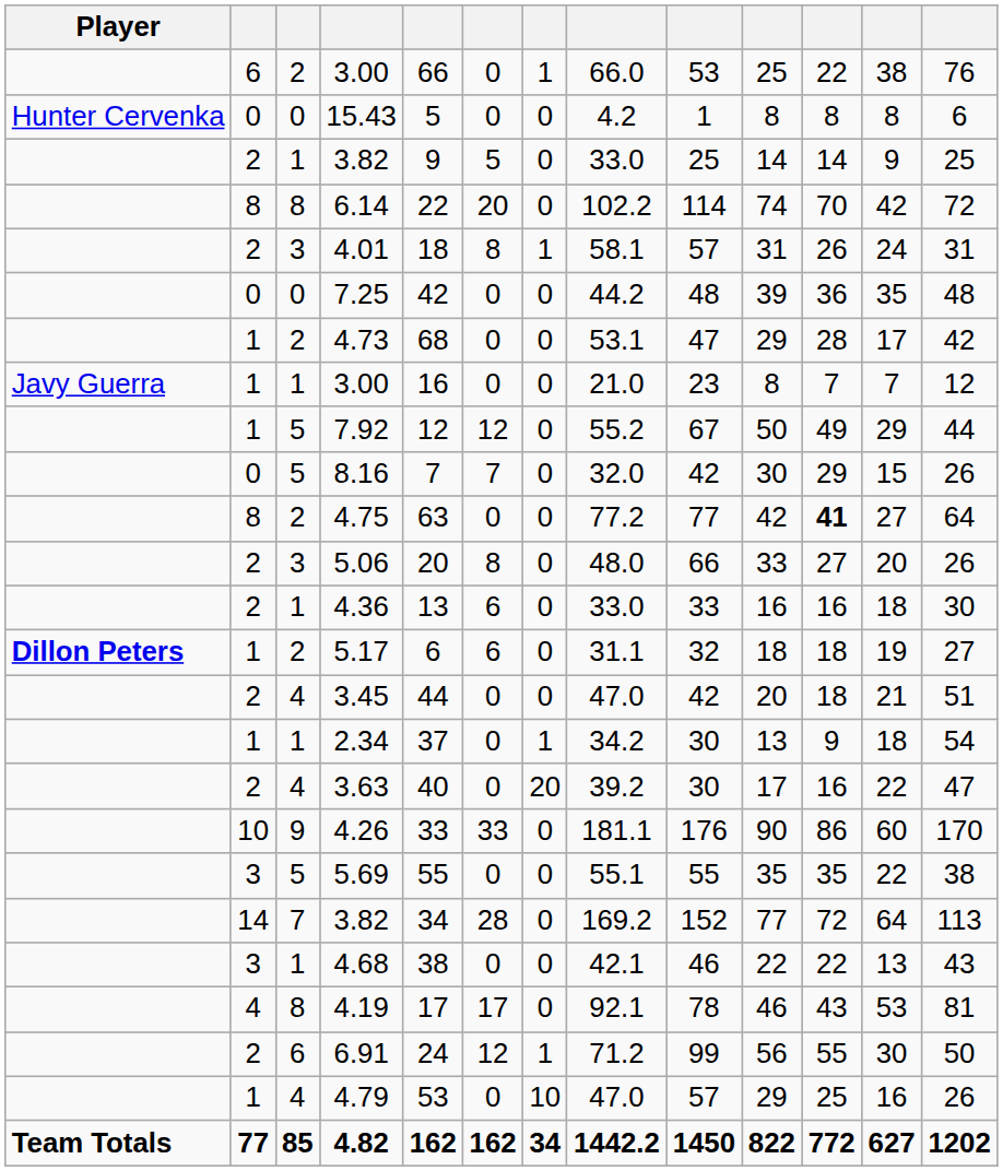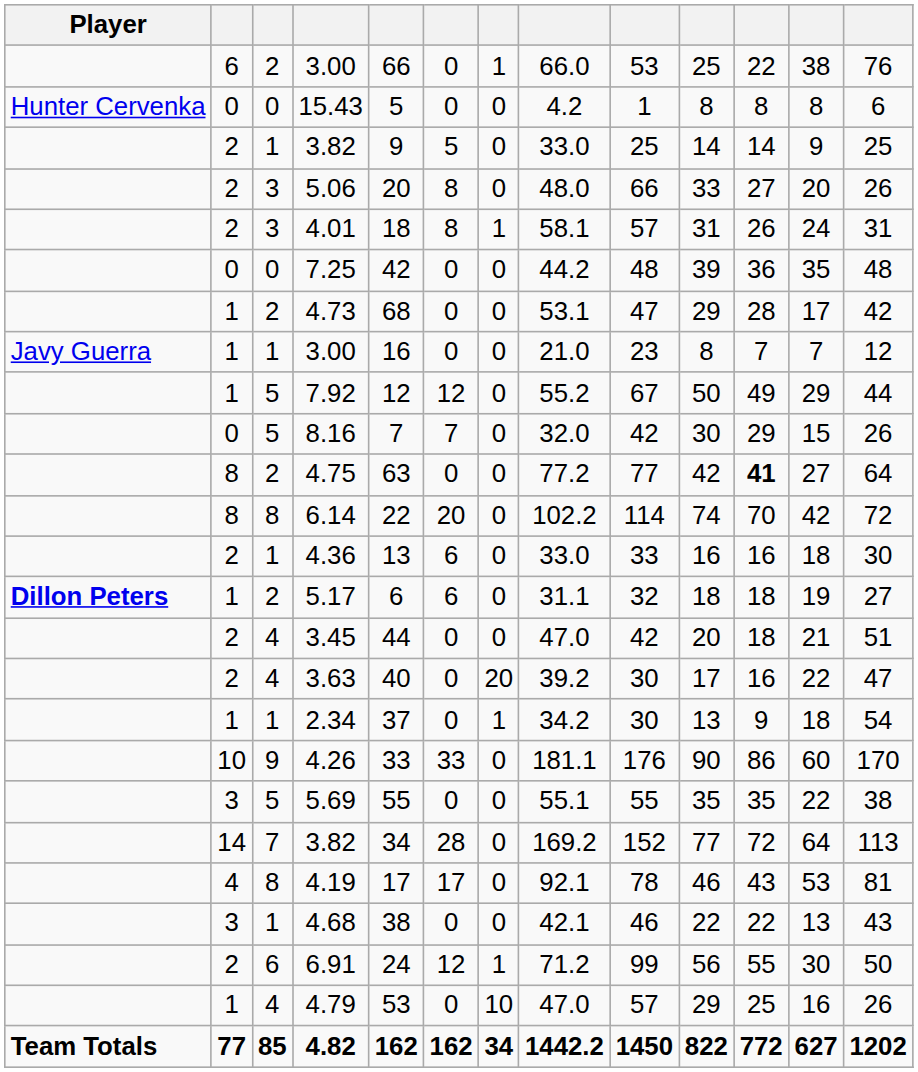 <table class="wikitable sortable" style="text-align:center;">
 <tr>
 <th>Player</th>
 <th></th>
 <th></th>
 <th></th>
 <th></th>
 <th></th>
 <th></th>
 <th></th>
 <th></th>
 <th></th>
 <th></th>
 <th></th>
 <th></th>
 </tr>
 <tr>
 <td align=left><strong></strong></td>
 <td>6</td>
 <td>2</td>
 <td>3.00</td>
 <td>66</td>
 <td>0</td>
 <td>1</td>
 <td>66.0</td>
 <td>53</td>
 <td>25</td>
 <td>22</td>
 <td>38</td>
 <td>76</td>
 </tr>
 <tr>
 <td align=left><a href='#'>Hunter Cervenka</a></td>
 <td>0</td>
 <td>0</td>
 <td>15.43</td>
 <td>5</td>
 <td>0</td>
 <td>0</td>
 <td>4.2</td>
 <td>1</td>
 <td>8</td>
 <td>8</td>
 <td>8</td>
 <td>6</td>
 </tr>
 <tr>
 <td align=left></td>
 <td>2</td>
 <td>1</td>
 <td>3.82</td>
 <td>9</td>
 <td>5</td>
 <td>0</td>
 <td>33.0</td>
 <td>25</td>
 <td>14</td>
 <td>14</td>
 <td>9</td>
 <td>25</td>
 </tr>
 <tr>
 <td align=left></td>
+<td>2</td>
+<td>3</td>
+<td>5.06</td>
+<td>20</td>
 <td>8</td>
-<td>8</td>
-<td>6.14</td>
-<td>22</td>
+<td>0</td>
+<td>48.0</td>
+<td>66</td>
+<td>33</td>
+<td>27</td>
 <td>20</td>
-<td>0</td>
-<td>102.2</td>
-<td>114</td>
-<td>74</td>
-<td>70</td>
-<td>42</td>
-<td>72</td>
+<td>26</td>
 </tr>
 <tr>
 <td align=left></td>
 <td>2</td>
 <td>3</td>
 <td>4.01</td>
 <td>18</td>
 <td>8</td>
 <td>1</td>
 <td>58.1</td>
 <td>57</td>
 <td>31</td>
 <td>26</td>
 <td>24</td>
 <td>31</td>
 </tr>
 <tr>
 <td align=left></td>
 <td>0</td>
 <td>0</td>
 <td>7.25</td>
 <td>42</td>
 <td>0</td>
 <td>0</td>
 <td>44.2</td>
 <td>48</td>
 <td>39</td>
 <td>36</td>
 <td>35</td>
 <td>48</td>
 </tr>
 <tr>
 <td align=left><strong></strong></td>
 <td>1</td>
 <td>2</td>
 <td>4.73</td>
 <td>68</td>
 <td>0</td>
 <td>0</td>
 <td>53.1</td>
 <td>47</td>
 <td>29</td>
 <td>28</td>
 <td>17</td>
 <td>42</td>
 </tr>
 <tr>
 <td align=left><a href='#'>Javy Guerra</a></td>
 <td>1</td>
 <td>1</td>
 <td>3.00</td>
 <td>16</td>
 <td>0</td>
 <td>0</td>
 <td>21.0</td>
 <td>23</td>
 <td>8</td>
 <td>7</td>
 <td>7</td>
 <td>12</td>
 </tr>
 <tr>
 <td align=left></td>
 <td>1</td>
 <td>5</td>
 <td>7.92</td>
 <td>12</td>
 <td>12</td>
 <td>0</td>
 <td>55.2</td>
 <td>67</td>
 <td>50</td>
 <td>49</td>
 <td>29</td>
 <td>44</td>
 </tr>
 <tr>
 <td align=left></td>
 <td>0</td>
 <td>5</td>
 <td>8.16</td>
 <td>7</td>
 <td>7</td>
 <td>0</td>
 <td>32.0</td>
 <td>42</td>
 <td>30</td>
 <td>29</td>
 <td>15</td>
 <td>26</td>
 </tr>
 <tr>
 <td align=left></td>
 <td>8</td>
 <td>2</td>
 <td>4.75</td>
 <td>63</td>
 <td>0</td>
 <td>0</td>
 <td>77.2</td>
 <td>77</td>
 <td>42</td>
 <td><strong>41</strong></td>
 <td>27</td>
 <td>64</td>
 </tr>
 <tr>
 <td align=left></td>
-<td>2</td>
-<td>3</td>
-<td>5.06</td>
+<td>8</td>
+<td>8</td>
+<td>6.14</td>
+<td>22</td>
 <td>20</td>
-<td>8</td>
 <td>0</td>
-<td>48.0</td>
-<td>66</td>
-<td>33</td>
-<td>27</td>
-<td>20</td>
-<td>26</td>
+<td>102.2</td>
+<td>114</td>
+<td>74</td>
+<td>70</td>
+<td>42</td>
+<td>72</td>
 </tr>
 <tr>
 <td align=left></td>
 <td>2</td>
 <td>1</td>
 <td>4.36</td>
 <td>13</td>
 <td>6</td>
 <td>0</td>
 <td>33.0</td>
 <td>33</td>
 <td>16</td>
 <td>16</td>
 <td>18</td>
 <td>30</td>
 </tr>
 <tr>
 <td align=left><strong><a href='#'>Dillon Peters</a></strong></td>
 <td>1</td>
 <td>2</td>
 <td>5.17</td>
 <td>6</td>
 <td>6</td>
 <td>0</td>
 <td>31.1</td>
 <td>32</td>
 <td>18</td>
 <td>18</td>
 <td>19</td>
 <td>27</td>
 </tr>
 <tr>
 <td align=left><strong></strong></td>
 <td>2</td>
 <td>4</td>
 <td>3.45</td>
 <td>44</td>
 <td>0</td>
 <td>0</td>
 <td>47.0</td>
 <td>42</td>
 <td>20</td>
 <td>18</td>
 <td>21</td>
 <td>51</td>
 </tr>
 <tr>
+<td align=left></td>
+<td>2</td>
+<td>4</td>
+<td>3.63</td>
+<td>40</td>
+<td>0</td>
+<td>20</td>
+<td>39.2</td>
+<td>30</td>
+<td>17</td>
+<td>16</td>
+<td>22</td>
+<td>47</td>
+</tr>
+<tr>
 <td align=left><strong></strong></td>
 <td>1</td>
 <td>1</td>
 <td>2.34</td>
 <td>37</td>
 <td>0</td>
 <td>1</td>
 <td>34.2</td>
 <td>30</td>
 <td>13</td>
 <td>9</td>
 <td>18</td>
 <td>54</td>
-</tr>
-<tr>
-<td align=left></td>
-<td>2</td>
-<td>4</td>
-<td>3.63</td>
-<td>40</td>
-<td>0</td>
-<td>20</td>
-<td>39.2</td>
-<td>30</td>
-<td>17</td>
-<td>16</td>
-<td>22</td>
-<td>47</td>
 </tr>
 <tr>
 <td align=left></td>
 <td>10</td>
 <td>9</td>
 <td>4.26</td>
 <td>33</td>
 <td>33</td>
 <td>0</td>
 <td>181.1</td>
 <td>176</td>
 <td>90</td>
 <td>86</td>
 <td>60</td>
 <td>170</td>
 </tr>
 <tr>
 <td align=left></td>
 <td>3</td>
 <td>5</td>
 <td>5.69</td>
 <td>55</td>
 <td>0</td>
 <td>0</td>
 <td>55.1</td>
 <td>55</td>
 <td>35</td>
 <td>35</td>
 <td>22</td>
 <td>38</td>
 </tr>
 <tr>
 <td align=left><strong></strong></td>
 <td>14</td>
 <td>7</td>
 <td>3.82</td>
 <td>34</td>
 <td>28</td>
 <td>0</td>
 <td>169.2</td>
 <td>152</td>
 <td>77</td>
 <td>72</td>
 <td>64</td>
 <td>113</td>
 </tr>
 <tr>
+<td align=left></td>
+<td>4</td>
+<td>8</td>
+<td>4.19</td>
+<td>17</td>
+<td>17</td>
+<td>0</td>
+<td>92.1</td>
+<td>78</td>
+<td>46</td>
+<td>43</td>
+<td>53</td>
+<td>81</td>
+</tr>
+<tr>
 <td align=left><strong></strong></td>
 <td>3</td>
 <td>1</td>
 <td>4.68</td>
 <td>38</td>
 <td>0</td>
 <td>0</td>
 <td>42.1</td>
 <td>46</td>
 <td>22</td>
 <td>22</td>
 <td>13</td>
 <td>43</td>
-</tr>
-<tr>
-<td align=left></td>
-<td>4</td>
-<td>8</td>
-<td>4.19</td>
-<td>17</td>
-<td>17</td>
-<td>0</td>
-<td>92.1</td>
-<td>78</td>
-<td>46</td>
-<td>43</td>
-<td>53</td>
-<td>81</td>
 </tr>
 <tr>
 <td align=left></td>
 <td>2</td>
 <td>6</td>
 <td>6.91</td>
 <td>24</td>
 <td>12</td>
 <td>1</td>
 <td>71.2</td>
 <td>99</td>
 <td>56</td>
 <td>55</td>
 <td>30</td>
 <td>50</td>
 </tr>
 <tr>
 <td align=left></td>
 <td>1</td>
 <td>4</td>
 <td>4.79</td>
 <td>53</td>
 <td>0</td>
 <td>10</td>
 <td>47.0</td>
 <td>57</td>
 <td>29</td>
 <td>25</td>
 <td>16</td>
 <td>26</td>
 </tr>
 <tr>
 <td align=left><strong>Team Totals</strong></td>
 <td><strong>77</strong></td>
 <td><strong>85</strong></td>
 <td><strong>4.82</strong></td>
 <td><strong>162</strong></td>
 <td><strong>162</strong></td>
 <td><strong>34</strong></td>
 <td><strong>1442.2</strong></td>
 <td><strong>1450</strong></td>
 <td><strong>822</strong></td>
 <td><strong>772</strong></td>
 <td><strong>627</strong></td>
 <td><strong>1202</strong></td>
 </tr>
 <tr class=="sortbottom">
 </tr>
 </table>
